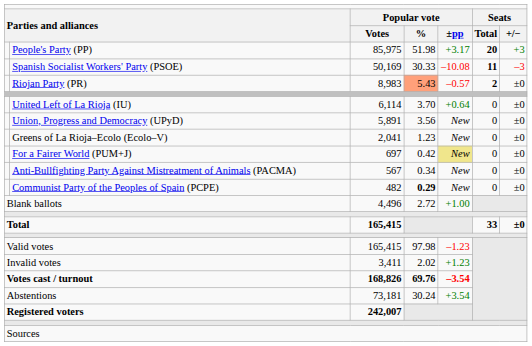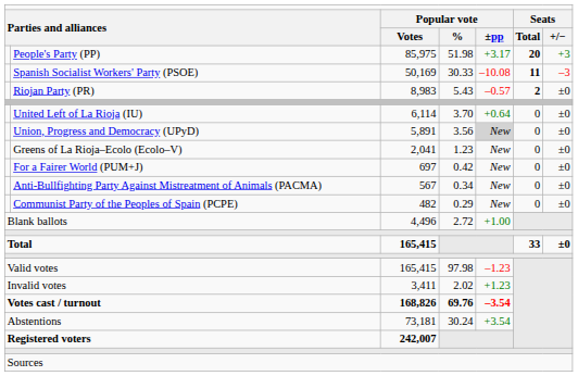 <table class="wikitable" style="text-align:right;">
 <tr>
 <td colspan="7"></td>
 </tr>
 <tr>
 <th style="text-align:left;" rowspan="2" colspan="2" width="525">Parties and alliances</th>
 <th colspan="3">Popular vote</th>
 <th colspan="2">Seats</th>
 </tr>
 <tr>
 <th width="75">Votes</th>
 <th width="45">%</th>
 <th width="45">±<a href='#'>pp</a></th>
 <th width="35">Total</th>
 <th width="35">+/−</th>
 </tr>
 <tr>
 <td width="1" style="color:inherit;background:"></td>
 <td align="left"><a href='#'>People's Party</a> (PP)</td>
 <td>85,975</td>
 <td>51.98</td>
 <td style="color:green;">+3.17</td>
 <td><strong>20</strong></td>
 <td style="color:green;">+3</td>
 </tr>
 <tr>
 <td style="color:inherit;background:"></td>
 <td align="left"><a href='#'>Spanish Socialist Workers' Party</a> (PSOE)</td>
 <td>50,169</td>
 <td>30.33</td>
 <td style="color:red;">–10.08</td>
 <td><strong>11</strong></td>
 <td style="color:red;">–3</td>
 </tr>
 <tr>
 <td style="color:inherit;background:"></td>
 <td align="left"><a href='#'>Riojan Party</a> (PR)</td>
 <td>8,983</td>
-<td style="background: lightsalmon;">5.43</td>
+<td>5.43</td>
 <td style="color:red;">–0.57</td>
 <td><strong>2</strong></td>
 <td>±0</td>
 </tr>
 <tr>
 <td colspan="7" bgcolor="#C0C0C0"></td>
 </tr>
 <tr>
 <td style="color:inherit;background:"></td>
 <td align="left"><a href='#'>United Left of La Rioja</a> (IU)</td>
 <td>6,114</td>
 <td>3.70</td>
 <td style="color:green;">+0.64</td>
 <td>0</td>
 <td>±0</td>
 </tr>
 <tr>
 <td style="color:inherit;background:"></td>
 <td align="left"><a href='#'>Union, Progress and Democracy</a> (UPyD)</td>
 <td>5,891</td>
 <td>3.56</td>
-<td><em>New</em></td>
+<td style="background: lightgrey;"><em>New</em></td>
 <td>0</td>
 <td>±0</td>
 </tr>
 <tr>
 <td style="color:inherit;background:"></td>
 <td align="left">Greens of La Rioja–Ecolo (Ecolo–V)</td>
 <td>2,041</td>
 <td>1.23</td>
 <td><em>New</em></td>
 <td>0</td>
 <td>±0</td>
 </tr>
 <tr>
 <td style="color:inherit;background:"></td>
 <td align="left"><a href='#'>For a Fairer World</a> (PUM+J)</td>
 <td>697</td>
 <td>0.42</td>
-<td style="background: khaki;"><em>New</em></td>
+<td><em>New</em></td>
 <td>0</td>
 <td>±0</td>
 </tr>
 <tr>
 <td style="color:inherit;background:"></td>
 <td align="left"><a href='#'>Anti-Bullfighting Party Against Mistreatment of Animals</a> (PACMA)</td>
 <td>567</td>
 <td>0.34</td>
 <td><em>New</em></td>
 <td>0</td>
 <td>±0</td>
 </tr>
 <tr>
 <td style="color:inherit;background:"></td>
 <td align="left"><a href='#'>Communist Party of the Peoples of Spain</a> (PCPE)</td>
 <td>482</td>
-<td><strong>0.29</strong></td>
+<td>0.29</td>
 <td><em>New</em></td>
 <td>0</td>
 <td>±0</td>
 </tr>
 <tr>
 <td align="left" colspan="2">Blank ballots</td>
 <td>4,496</td>
 <td>2.72</td>
 <td style="color:green;">+1.00</td>
 <td bgcolor="#E9E9E9" colspan="2"></td>
 </tr>
 <tr>
 <td colspan="7" bgcolor="#E9E9E9"></td>
 </tr>
 <tr style="font-weight:bold;">
 <td align="left" colspan="2">Total</td>
 <td>165,415</td>
 <td bgcolor="#E9E9E9" colspan="2"></td>
 <td>33</td>
 <td>±0</td>
 </tr>
 <tr>
 <td colspan="7" bgcolor="#E9E9E9"></td>
 </tr>
 <tr>
 <td align="left" colspan="2">Valid votes</td>
 <td>165,415</td>
 <td>97.98</td>
 <td style="color:red;">–1.23</td>
 <td bgcolor="#E9E9E9" colspan="2" rowspan="5"></td>
 </tr>
 <tr>
 <td align="left" colspan="2">Invalid votes</td>
 <td>3,411</td>
 <td>2.02</td>
 <td style="color:green;">+1.23</td>
 </tr>
 <tr style="font-weight:bold;">
 <td align="left" colspan="2">Votes cast / turnout</td>
 <td>168,826</td>
 <td>69.76</td>
 <td style="color:red;">–3.54</td>
 </tr>
 <tr>
 <td align="left" colspan="2">Abstentions</td>
 <td>73,181</td>
 <td>30.24</td>
 <td style="color:green;">+3.54</td>
 </tr>
 <tr style="font-weight:bold;">
 <td align="left" colspan="2">Registered voters</td>
 <td>242,007</td>
 <td bgcolor="#E9E9E9" colspan="2"></td>
 </tr>
 <tr>
 <td colspan="7" bgcolor="#E9E9E9"></td>
 </tr>
 <tr>
 <td align="left" colspan="7">Sources</td>
 </tr>
 </table>
